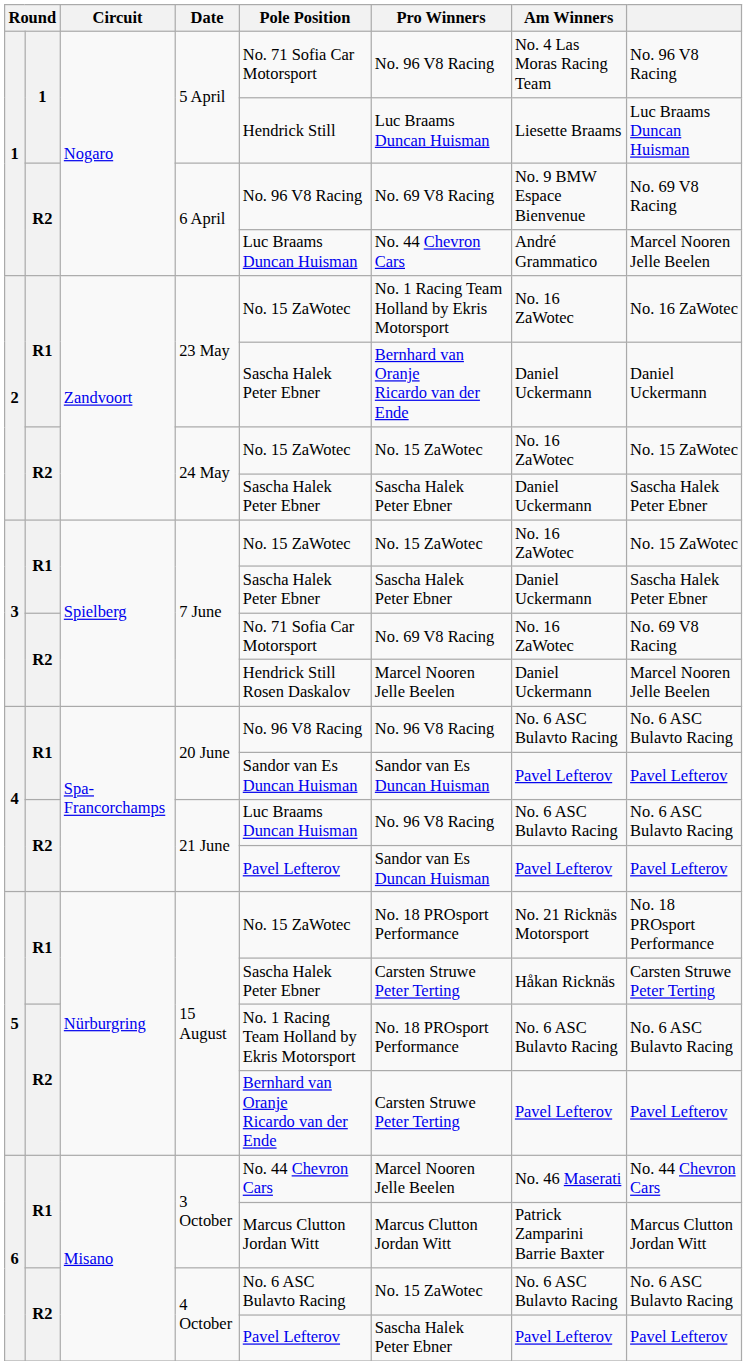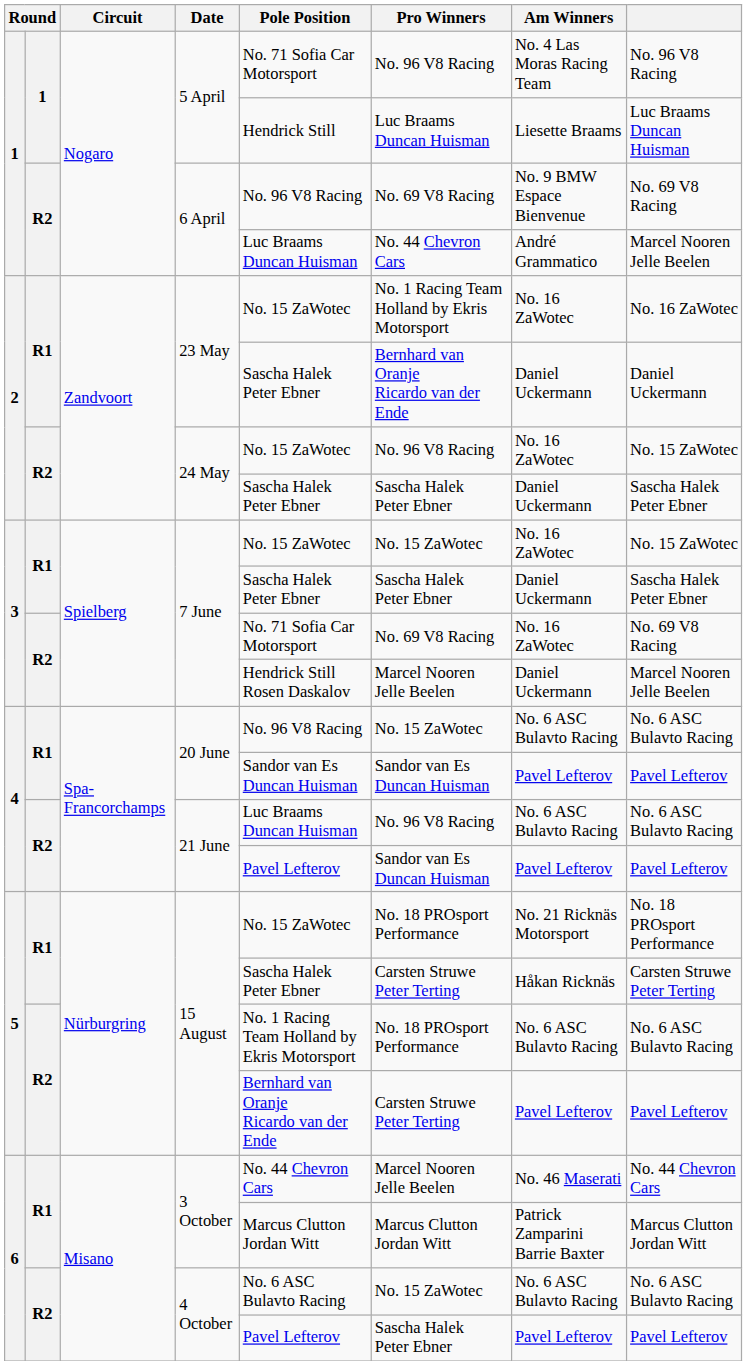 <table class="wikitable"  style="font-size: 85%;">
 <tr>
 <th colspan=2>Round</th>
 <th>Circuit</th>
 <th>Date</th>
 <th>Pole Position</th>
 <th>Pro Winners</th>
 <th>Am Winners</th>
 <th></th>
 </tr>
 <tr>
 <th rowspan=4>1</th>
 <th rowspan=2>1</th>
 <td rowspan=4><a href='#'>Nogaro</a></td>
 <td rowspan=2>5 April</td>
 <td> No. 71 Sofia Car Motorsport</td>
 <td> No. 96 V8 Racing</td>
 <td> No. 4 Las Moras Racing Team</td>
 <td> No. 96 V8 Racing</td>
 </tr>
 <tr>
 <td> Hendrick Still</td>
 <td> Luc Braams<br> <a href='#'>Duncan Huisman</a></td>
 <td> Liesette Braams</td>
 <td> Luc Braams<br> <a href='#'>Duncan Huisman</a></td>
 </tr>
 <tr>
 <th rowspan=2>R2</th>
 <td rowspan=2>6 April</td>
 <td> No. 96 V8 Racing</td>
 <td> No. 69 V8 Racing</td>
 <td> No. 9 BMW Espace Bienvenue</td>
 <td> No. 69 V8 Racing</td>
 </tr>
 <tr>
 <td> Luc Braams<br> <a href='#'>Duncan Huisman</a></td>
 <td> No. 44 <a href='#'>Chevron Cars</a></td>
 <td> André Grammatico</td>
 <td> Marcel Nooren<br> Jelle Beelen</td>
 </tr>
 <tr>
 <th rowspan=4>2</th>
 <th rowspan=2>R1</th>
 <td rowspan=4><a href='#'>Zandvoort</a></td>
 <td rowspan=2>23 May</td>
 <td> No. 15 ZaWotec</td>
 <td> No. 1 Racing Team Holland by Ekris Motorsport</td>
 <td> No. 16 ZaWotec</td>
 <td> No. 16 ZaWotec</td>
 </tr>
 <tr>
 <td> Sascha Halek<br> Peter Ebner</td>
 <td> <a href='#'>Bernhard van Oranje</a><br> <a href='#'>Ricardo van der Ende</a></td>
 <td> Daniel Uckermann</td>
 <td> Daniel Uckermann</td>
 </tr>
 <tr>
 <th rowspan=2>R2</th>
 <td rowspan=2>24 May</td>
 <td> No. 15 ZaWotec</td>
-<td> No. 15 ZaWotec</td>
+<td> No. 96 V8 Racing</td>
 <td> No. 16 ZaWotec</td>
 <td> No. 15 ZaWotec</td>
 </tr>
 <tr>
 <td> Sascha Halek<br> Peter Ebner</td>
 <td> Sascha Halek<br> Peter Ebner</td>
 <td> Daniel Uckermann</td>
 <td> Sascha Halek<br> Peter Ebner</td>
 </tr>
 <tr>
 <th rowspan=4>3</th>
 <th rowspan=2>R1</th>
 <td rowspan=4><a href='#'>Spielberg</a></td>
 <td rowspan=4>7 June</td>
 <td> No. 15 ZaWotec</td>
 <td> No. 15 ZaWotec</td>
 <td> No. 16 ZaWotec</td>
 <td> No. 15 ZaWotec</td>
 </tr>
 <tr>
 <td> Sascha Halek<br> Peter Ebner</td>
 <td> Sascha Halek<br> Peter Ebner</td>
 <td> Daniel Uckermann</td>
 <td> Sascha Halek<br> Peter Ebner</td>
 </tr>
 <tr>
 <th rowspan=2>R2</th>
 <td> No. 71 Sofia Car Motorsport</td>
 <td> No. 69 V8 Racing</td>
 <td> No. 16 ZaWotec</td>
 <td> No. 69 V8 Racing</td>
 </tr>
 <tr>
 <td> Hendrick Still<br> Rosen Daskalov</td>
 <td> Marcel Nooren<br> Jelle Beelen</td>
 <td> Daniel Uckermann</td>
 <td> Marcel Nooren<br> Jelle Beelen</td>
 </tr>
 <tr>
 <th rowspan=4>4</th>
 <th rowspan=2>R1</th>
 <td rowspan=4><a href='#'>Spa-Francorchamps</a></td>
 <td rowspan=2>20 June</td>
 <td> No. 96 V8 Racing</td>
-<td> No. 96 V8 Racing</td>
+<td> No. 15 ZaWotec</td>
 <td> No. 6 ASC Bulavto Racing</td>
 <td> No. 6 ASC Bulavto Racing</td>
 </tr>
 <tr>
 <td> Sandor van Es<br> <a href='#'>Duncan Huisman</a></td>
 <td> Sandor van Es<br> <a href='#'>Duncan Huisman</a></td>
 <td> <a href='#'>Pavel Lefterov</a></td>
 <td> <a href='#'>Pavel Lefterov</a></td>
 </tr>
 <tr>
 <th rowspan=2>R2</th>
 <td rowspan=2>21 June</td>
 <td> Luc Braams<br> <a href='#'>Duncan Huisman</a></td>
 <td> No. 96 V8 Racing</td>
 <td> No. 6 ASC Bulavto Racing</td>
 <td> No. 6 ASC Bulavto Racing</td>
 </tr>
 <tr>
 <td> <a href='#'>Pavel Lefterov</a></td>
 <td> Sandor van Es<br> <a href='#'>Duncan Huisman</a></td>
 <td> <a href='#'>Pavel Lefterov</a></td>
 <td> <a href='#'>Pavel Lefterov</a></td>
 </tr>
 <tr>
 <th rowspan=4>5</th>
 <th rowspan=2>R1</th>
 <td rowspan=4><a href='#'>Nürburgring</a></td>
 <td rowspan=4>15 August</td>
 <td> No. 15 ZaWotec</td>
 <td> No. 18 PROsport Performance</td>
 <td> No. 21 Ricknäs Motorsport</td>
 <td> No. 18 PROsport Performance</td>
 </tr>
 <tr>
 <td> Sascha Halek<br> Peter Ebner</td>
 <td> Carsten Struwe<br> <a href='#'>Peter Terting</a></td>
 <td> Håkan Ricknäs</td>
 <td> Carsten Struwe<br> <a href='#'>Peter Terting</a></td>
 </tr>
 <tr>
 <th rowspan=2>R2</th>
 <td> No. 1 Racing Team Holland by Ekris Motorsport</td>
 <td> No. 18 PROsport Performance</td>
 <td> No. 6 ASC Bulavto Racing</td>
 <td> No. 6 ASC Bulavto Racing</td>
 </tr>
 <tr>
 <td> <a href='#'>Bernhard van Oranje</a><br> <a href='#'>Ricardo van der Ende</a></td>
 <td> Carsten Struwe<br> <a href='#'>Peter Terting</a></td>
 <td> <a href='#'>Pavel Lefterov</a></td>
 <td> <a href='#'>Pavel Lefterov</a></td>
 </tr>
 <tr>
 <th rowspan=4>6</th>
 <th rowspan=2>R1</th>
 <td rowspan=4><a href='#'>Misano</a></td>
 <td rowspan=2>3 October</td>
 <td> No. 44 <a href='#'>Chevron Cars</a></td>
 <td> Marcel Nooren<br> Jelle Beelen</td>
 <td> No. 46 <a href='#'>Maserati</a></td>
 <td> No. 44 <a href='#'>Chevron Cars</a></td>
 </tr>
 <tr>
 <td> Marcus Clutton<br> Jordan Witt</td>
 <td> Marcus Clutton<br> Jordan Witt</td>
 <td> Patrick Zamparini<br> Barrie Baxter</td>
 <td> Marcus Clutton<br> Jordan Witt</td>
 </tr>
 <tr>
 <th rowspan=2>R2</th>
 <td rowspan=2>4 October</td>
 <td> No. 6 ASC Bulavto Racing</td>
 <td> No. 15 ZaWotec</td>
 <td> No. 6 ASC Bulavto Racing</td>
 <td> No. 6 ASC Bulavto Racing</td>
 </tr>
 <tr>
 <td> <a href='#'>Pavel Lefterov</a></td>
 <td> Sascha Halek<br> Peter Ebner</td>
 <td> <a href='#'>Pavel Lefterov</a></td>
 <td> <a href='#'>Pavel Lefterov</a></td>
 </tr>
 </table>
